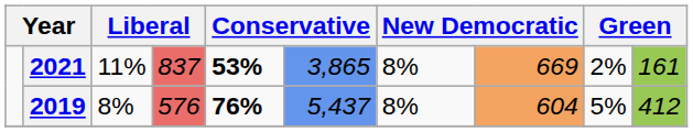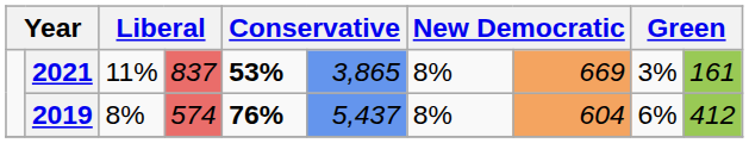 <table class="wikitable" style="float:right; width:400; font-size:90%; margin-left:1em;">
 <tr>
 <th colspan="2" scope="col">Year</th>
 <th colspan="2" scope="col"><a href='#'>Liberal</a></th>
 <th colspan="2" scope="col"><a href='#'>Conservative</a></th>
 <th colspan="2" scope="col"><a href='#'>New Democratic</a></th>
 <th colspan="2" scope="col"><a href='#'>Green</a></th>
 </tr>
 <tr>
 <td rowspan="2" style="width: 0.25em; background-color: "></td>
 <th><a href='#'>2021</a></th>
 <td>11%</td>
 <td style="text-align:right; background:#EA6D6A;"><em>837</em></td>
 <td><strong>53%</strong></td>
 <td style="text-align:right; background:#6495ED;"><em>3,865</em></td>
 <td>8%</td>
 <td style="text-align:right; background:#F4A460;"><em>669</em></td>
-<td>2%</td>
+<td>3%</td>
 <td style="text-align:right; background:#99C955;"><em>161</em></td>
 </tr>
 <tr>
 <th><a href='#'>2019</a></th>
 <td>8%</td>
-<td style="text-align:right; background:#EA6D6A;"><em>576</em></td>
+<td style="text-align:right; background:#EA6D6A;"><em>574</em></td>
 <td><strong>76%</strong></td>
 <td style="text-align:right; background:#6495ED;"><em>5,437</em></td>
 <td>8%</td>
 <td style="text-align:right; background:#F4A460;"><em>604</em></td>
-<td>5%</td>
+<td>6%</td>
 <td style="text-align:right; background:#99C955;"><em>412</em></td>
 </tr>
 <tr>
 </tr>
 </table>
